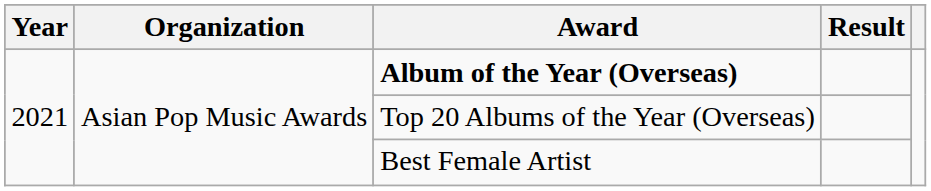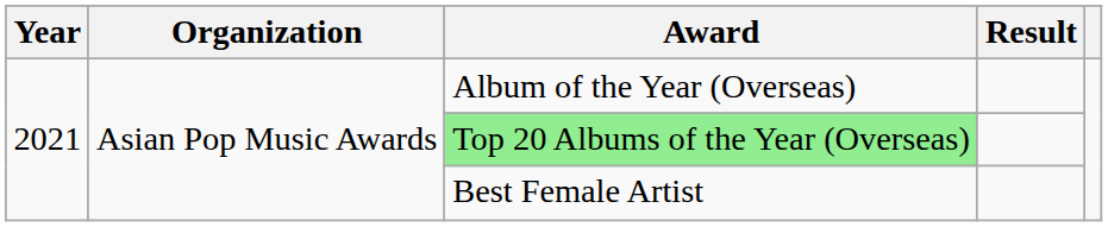 <table class="wikitable plainrowheaders">
 <tr align=center>
 <th scope="col">Year</th>
 <th scope="col">Organization</th>
 <th scope="col">Award</th>
 <th scope="col">Result</th>
 <th scope="col"></th>
 </tr>
 <tr>
 <td rowspan="3">2021</td>
 <td rowspan="3">Asian Pop Music Awards</td>
-<td><strong>Album of the Year (Overseas)</strong></td>
+<td>Album of the Year (Overseas)</td>
 <td></td>
 <td rowspan="3" style="text-align:center"></td>
 </tr>
 <tr>
-<td>Top 20 Albums of the Year (Overseas)</td>
+<td style="background: lightgreen;">Top 20 Albums of the Year (Overseas)</td>
 <td></td>
 </tr>
 <tr>
 <td>Best Female Artist</td>
 <td></td>
 </tr>
 </table>
